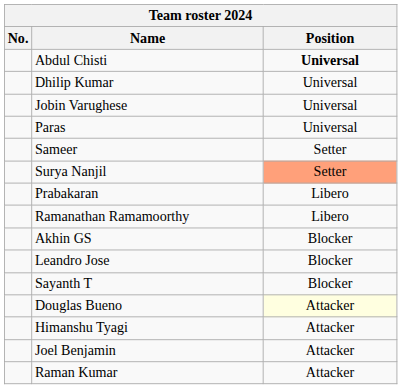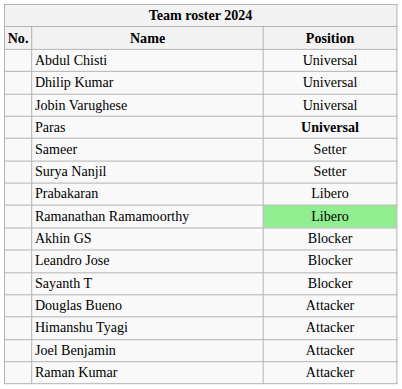 <table class="wikitable sortable" style="font-size:100%; text-align:center;">
 <tr>
 <th colspan=6>Team roster 2024</th>
 </tr>
 <tr>
 <th style=" text-align:center;">No.</th>
 <th style=" text-align:center; width:16em">Name</th>
 <th style=" text-align:center; width:9em">Position</th>
 </tr>
 <tr>
 <td></td>
 <td align=left> Abdul Chisti</td>
-<td><strong>Universal</strong></td>
+<td>Universal</td>
 </tr>
 <tr>
 <td></td>
 <td align=left> Dhilip Kumar</td>
 <td>Universal</td>
 </tr>
 <tr>
 <td></td>
 <td align=left> Jobin Varughese</td>
 <td>Universal</td>
 </tr>
 <tr>
 <td></td>
 <td align=left> Paras</td>
-<td>Universal</td>
+<td><strong>Universal</strong></td>
 </tr>
 <tr>
 <td></td>
 <td align=left> Sameer</td>
 <td>Setter</td>
 </tr>
 <tr>
 <td></td>
 <td align=left> Surya Nanjil</td>
-<td style="background: lightsalmon;">Setter</td>
+<td>Setter</td>
 </tr>
 <tr>
 <td></td>
 <td align=left> Prabakaran</td>
 <td>Libero</td>
 </tr>
 <tr>
 <td></td>
 <td align=left> Ramanathan Ramamoorthy</td>
-<td>Libero</td>
+<td style="background: lightgreen;">Libero</td>
 </tr>
 <tr>
 <td></td>
 <td align=left> Akhin GS</td>
 <td>Blocker</td>
 </tr>
 <tr>
 <td></td>
 <td align=left> Leandro Jose</td>
 <td>Blocker</td>
 </tr>
 <tr>
 <td></td>
 <td align=left> Sayanth T</td>
 <td>Blocker</td>
 </tr>
 <tr>
 <td></td>
 <td align=left> Douglas Bueno</td>
-<td style="background: lightyellow;">Attacker</td>
+<td>Attacker</td>
 </tr>
 <tr>
 <td></td>
 <td align=left> Himanshu Tyagi</td>
 <td>Attacker</td>
 </tr>
 <tr>
 <td></td>
 <td align=left> Joel Benjamin</td>
 <td>Attacker</td>
 </tr>
 <tr>
 <td></td>
 <td align=left> Raman Kumar</td>
 <td>Attacker</td>
 </tr>
 </table>
